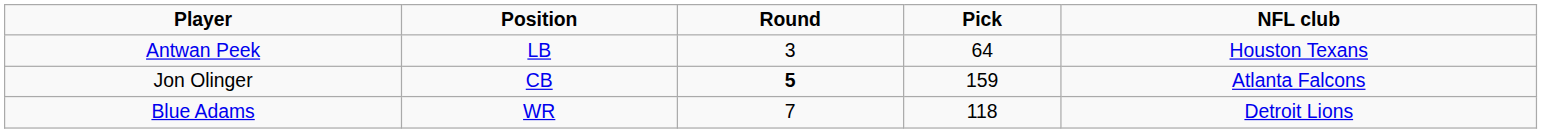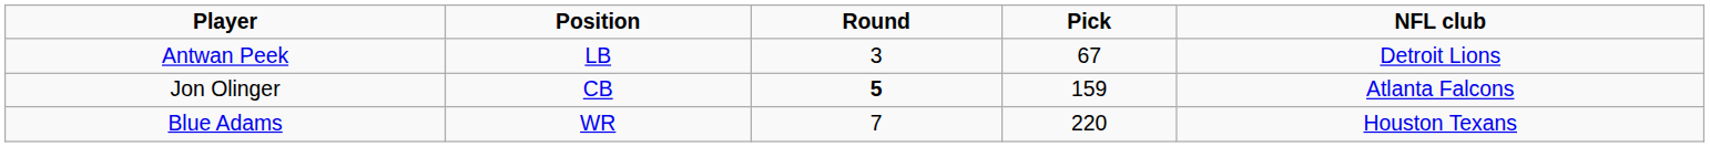 <table class="wikitable" width="80%">
 <tr align="center">
 <td><strong>Player</strong></td>
 <td><strong>Position</strong></td>
 <td><strong>Round</strong></td>
 <td><strong>Pick</strong></td>
 <td><strong>NFL club</strong></td>
 </tr>
 <tr align="center" bgcolor="">
 <td><a href='#'>Antwan Peek</a></td>
 <td><a href='#'>LB</a></td>
 <td>3</td>
-<td>64</td>
-<td><a href='#'>Houston Texans</a></td>
+<td>67</td>
+<td><a href='#'>Detroit Lions</a></td>
 </tr>
 <tr align="center" bgcolor="">
 <td>Jon Olinger</td>
 <td><a href='#'>CB</a></td>
 <td><strong>5</strong></td>
 <td>159</td>
 <td><a href='#'>Atlanta Falcons</a></td>
 </tr>
 <tr align="center" bgcolor="">
 <td><a href='#'>Blue Adams</a></td>
 <td><a href='#'>WR</a></td>
 <td>7</td>
-<td>118</td>
-<td><a href='#'>Detroit Lions</a></td>
+<td>220</td>
+<td><a href='#'>Houston Texans</a></td>
 </tr>
 </table>
